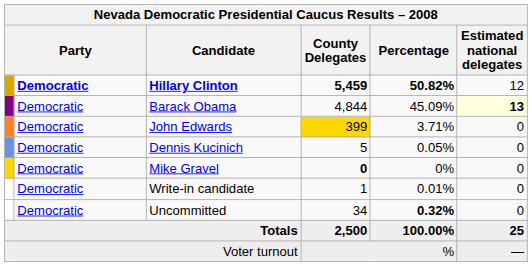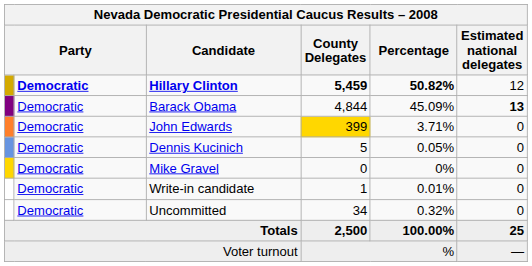 <table class="wikitable" style="font-size:95%;">
 <tr>
 <th colspan="7">Nevada Democratic Presidential Caucus Results – 2008</th>
 </tr>
 <tr>
 <th colspan="2" style="width: 15em">Party</th>
 <th style="width: 17em">Candidate</th>
 <th style="width: 5em">County Delegates</th>
 <th style="width: 7em">Percentage</th>
 <th style="width: 5em">Estimated national delegates</th>
 </tr>
 <tr>
 <th style="background:#d4aa00; width:3px;"></th>
 <td style="width: 130px"><strong><a href='#'>Democratic</a></strong></td>
 <td><strong><a href='#'>Hillary Clinton</a></strong></td>
 <td style="text-align:right;"><strong>5,459</strong></td>
 <td style="text-align:right;"><strong>50.82%</strong></td>
 <td style="text-align:right;">12</td>
 </tr>
 <tr>
 <th style="background:purple; width:3px;"></th>
 <td style="width: 130px"><a href='#'>Democratic</a></td>
 <td><a href='#'>Barack Obama</a></td>
 <td style="text-align:right;">4,844</td>
 <td style="text-align:right;">45.09%</td>
-<td style="background: lightyellow; text-align:right;"><strong>13</strong></td>
+<td style="text-align:right;"><strong>13</strong></td>
 </tr>
 <tr>
 <th style="background:#ff7f2a; width:3px;"></th>
 <td style="width: 130px"><a href='#'>Democratic</a></td>
 <td><a href='#'>John Edwards</a></td>
 <td style="background: gold; text-align:right;">399</td>
 <td style="text-align:right;">3.71%</td>
 <td style="text-align:right;">0</td>
 </tr>
 <tr>
 <th style="background:#6794e0; width:3px;"></th>
 <td style="width: 130px"><a href='#'>Democratic</a></td>
 <td><a href='#'>Dennis Kucinich</a></td>
 <td style="text-align:right;">5</td>
 <td style="text-align:right;">0.05%</td>
 <td style="text-align:right;">0</td>
 </tr>
 <tr>
 <th style="background:gold; width:3px;"></th>
 <td style="width: 130px"><a href='#'>Democratic</a></td>
 <td><a href='#'>Mike Gravel</a></td>
-<td style="text-align:right;"><strong>0</strong></td>
+<td style="text-align:right;">0</td>
 <td style="text-align:right;">0%</td>
 <td style="text-align:right;">0</td>
 </tr>
 <tr>
 <th style="background:#fff; width:3px;"></th>
 <td style="width: 130px"><a href='#'>Democratic</a></td>
 <td>Write-in candidate</td>
 <td style="text-align:right;">1</td>
 <td style="text-align:right;">0.01%</td>
 <td style="text-align:right;">0</td>
 </tr>
 <tr>
 <th style="background:#fff; width:3px;"></th>
 <td style="width: 130px"><a href='#'>Democratic</a></td>
 <td>Uncommitted</td>
 <td style="text-align:right;">34</td>
-<td style="text-align:right;"><strong>0.32%</strong></td>
+<td style="text-align:right;">0.32%</td>
 <td style="text-align:right;">0</td>
 </tr>
 <tr style="background:#eee; text-align:right;">
 <td colspan="3"><strong>Totals</strong></td>
 <td><strong>2,500</strong></td>
 <td><strong>100.00%</strong></td>
 <td><strong>25</strong></td>
 </tr>
 <tr style="background:#eee; text-align:right;">
 <td colspan="3">Voter turnout</td>
 <td colspan="2">%</td>
 <td>—</td>
 </tr>
 </table>
